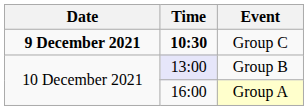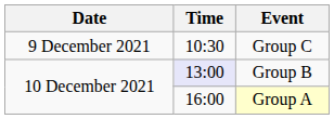 <table class = "wikitable" style="text-align:center;">
 <tr>
 <th width=150>Date</th>
 <th width=50>Time</th>
 <th width=80>Event</th>
 </tr>
 <tr>
-<td><strong>9 December 2021</strong></td>
-<td><strong>10:30</strong></td>
+<td>9 December 2021</td>
+<td>10:30</td>
 <td>Group C</td>
 </tr>
 <tr>
 <td rowspan=2>10 December 2021</td>
 <td style="background: lavender;">13:00</td>
 <td>Group B</td>
 </tr>
 <tr>
 <td>16:00</td>
 <td bgcolor=ffffcc>Group A</td>
 </tr>
 </table>
